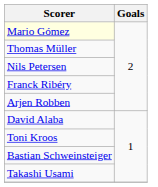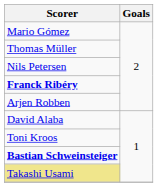 <table class="wikitable">
 <tr>
 <th>Scorer</th>
 <th>Goals</th>
 </tr>
 <tr>
-<td style="background: lightyellow;"> <a href='#'>Mario Gómez</a></td>
+<td> <a href='#'>Mario Gómez</a></td>
 <td rowspan="5" align=center>2</td>
 </tr>
 <tr>
 <td> <a href='#'>Thomas Müller</a></td>
 </tr>
 <tr>
 <td> <a href='#'>Nils Petersen</a></td>
 </tr>
 <tr>
-<td> <a href='#'>Franck Ribéry</a></td>
+<td><strong> <a href='#'>Franck Ribéry</a></strong></td>
 </tr>
 <tr>
 <td> <a href='#'>Arjen Robben</a></td>
 </tr>
 <tr>
 <td> <a href='#'>David Alaba</a></td>
 <td rowspan="4" align=center>1</td>
 </tr>
 <tr>
 <td> <a href='#'>Toni Kroos</a></td>
 </tr>
 <tr>
-<td> <a href='#'>Bastian Schweinsteiger</a></td>
+<td><strong> <a href='#'>Bastian Schweinsteiger</a></strong></td>
 </tr>
 <tr>
-<td> <a href='#'>Takashi Usami</a></td>
+<td style="background: khaki;"> <a href='#'>Takashi Usami</a></td>
 </tr>
 <tr>
 </tr>
 </table>
